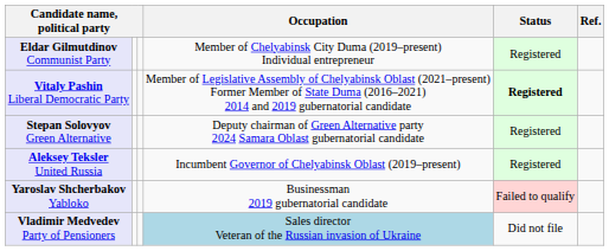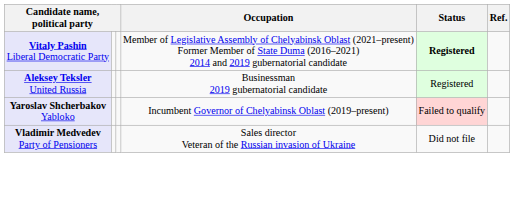 <table class="wikitable" style="text-align:center;">
 <tr>
 <th colspan="3">Candidate name,<br>political party</th>
 <th>Occupation</th>
 <th>Status</th>
 <th>Ref.</th>
-</tr>
-<tr>
-<td style="background:lavender;"><strong>Eldar Gilmutdinov</strong><br><a href='#'>Communist Party</a></td>
-<td style="background-color:"></td>
-<td></td>
-<td>Member of <a href='#'>Chelyabinsk</a> City Duma (2019–present)<br>Individual entrepreneur</td>
-<td bgcolor="#DFFFDF">Registered</td>
-<td></td>
 </tr>
 <tr>
 <td style="background:lavender;"><strong><a href='#'>Vitaly Pashin</a></strong><br><a href='#'>Liberal Democratic Party</a></td>
 <td style="background-color:"></td>
 <td></td>
 <td>Member of <a href='#'>Legislative Assembly of Chelyabinsk Oblast</a> (2021–present)<br>Former Member of <a href='#'>State Duma</a> (2016–2021)<br><a href='#'>2014</a> and <a href='#'>2019</a> gubernatorial candidate</td>
 <td bgcolor="#DFFFDF"><strong>Registered</strong></td>
 <td></td>
 </tr>
 <tr>
-<td style="background:lavender;"><strong>Stepan Solovyov</strong><br><a href='#'>Green Alternative</a></td>
-<td style="background-color:"></td>
-<td></td>
-<td>Deputy chairman of <a href='#'>Green Alternative</a> party<br><a href='#'>2024</a> <a href='#'>Samara Oblast</a> gubernatorial candidate</td>
-<td bgcolor="#DFFFDF">Registered</td>
-<td></td>
-</tr>
-<tr>
 <td style="background:lavender;"><strong><a href='#'>Aleksey Teksler</a></strong><br><a href='#'>United Russia</a></td>
 <td style="background-color:"></td>
 <td></td>
-<td>Incumbent <a href='#'>Governor of Chelyabinsk Oblast</a> (2019–present)</td>
+<td>Businessman<br><a href='#'>2019</a> gubernatorial candidate</td>
 <td bgcolor="#DFFFDF">Registered</td>
 <td><br></td>
 </tr>
 <tr>
 <td style="background:lavender;"><strong>Yaroslav Shcherbakov</strong><br><a href='#'>Yabloko</a></td>
 <td style="background-color:"></td>
 <td></td>
-<td>Businessman<br><a href='#'>2019</a> gubernatorial candidate</td>
+<td>Incumbent <a href='#'>Governor of Chelyabinsk Oblast</a> (2019–present)</td>
 <td align=center bgcolor="#FFD5D5">Failed to qualify</td>
 <td></td>
 </tr>
 <tr>
 <td style="background:lavender;"><strong>Vladimir Medvedev</strong><br><a href='#'>Party of Pensioners</a></td>
 <td style="background-color:"></td>
 <td></td>
-<td style="background: lightblue;">Sales director<br>Veteran of the <a href='#'>Russian invasion of Ukraine</a></td>
+<td>Sales director<br>Veteran of the <a href='#'>Russian invasion of Ukraine</a></td>
 <td>Did not file</td>
 <td></td>
 </tr>
 </table>
